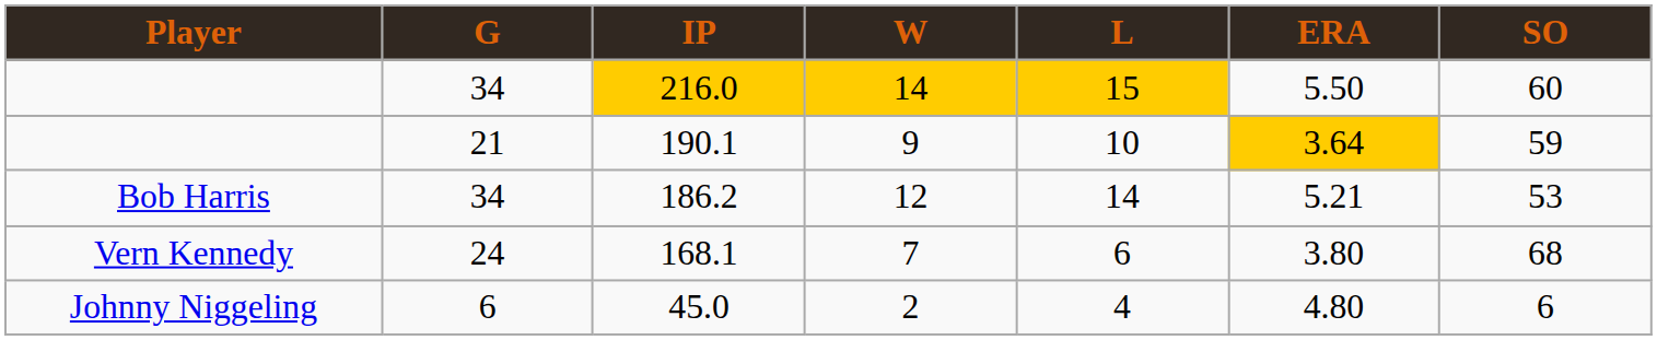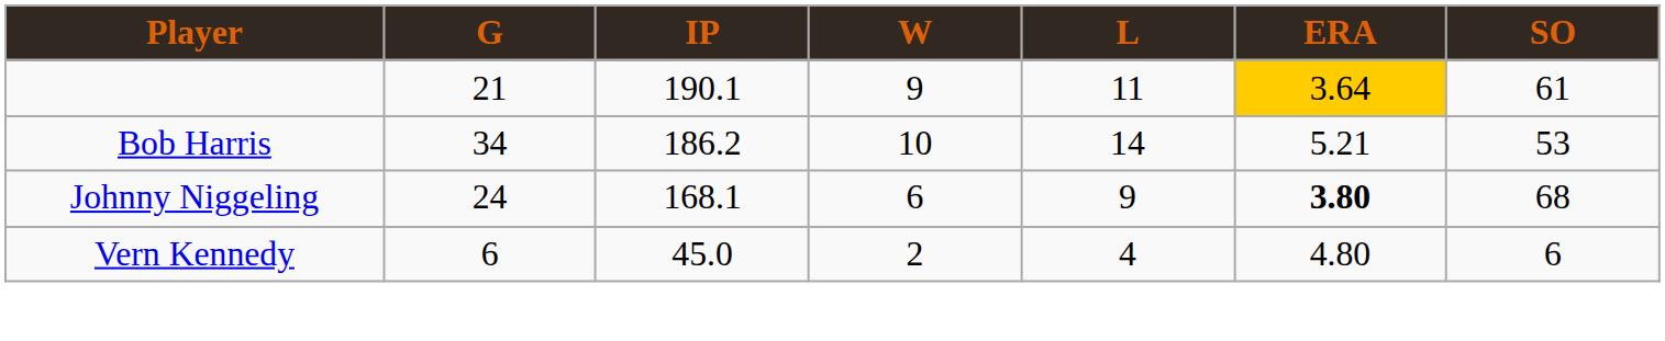 <table class="wikitable sortable">
 <tr>
 <th style="background:#312821;color:#de6108;" width="16%">Player</th>
 <th style="background:#312821;color:#de6108;" width="9%">G</th>
 <th style="background:#312821;color:#de6108;" width="9%">IP</th>
 <th style="background:#312821;color:#de6108;" width="9%">W</th>
 <th style="background:#312821;color:#de6108;" width="9%">L</th>
 <th style="background:#312821;color:#de6108;" width="9%">ERA</th>
 <th style="background:#312821;color:#de6108;" width="9%">SO</th>
 </tr>
 <tr align="center">
 <td></td>
-<td>34</td>
-<td style="background:#fc0;">216.0</td>
-<td style="background:#fc0;">14</td>
-<td style="background:#fc0;">15</td>
-<td>5.50</td>
-<td>60</td>
-</tr>
-<tr align="center">
-<td></td>
 <td>21</td>
 <td>190.1</td>
 <td>9</td>
-<td>10</td>
+<td>11</td>
 <td style="background:#fc0;">3.64</td>
-<td>59</td>
+<td>61</td>
 </tr>
 <tr align="center">
 <td><a href='#'>Bob Harris</a></td>
 <td>34</td>
 <td>186.2</td>
-<td>12</td>
+<td>10</td>
 <td>14</td>
 <td>5.21</td>
 <td>53</td>
 </tr>
 <tr align="center">
-<td><a href='#'>Vern Kennedy</a></td>
+<td><a href='#'>Johnny Niggeling</a></td>
 <td>24</td>
 <td>168.1</td>
-<td>7</td>
 <td>6</td>
-<td>3.80</td>
+<td>9</td>
+<td><strong>3.80</strong></td>
 <td>68</td>
 </tr>
 <tr align="center">
-<td><a href='#'>Johnny Niggeling</a></td>
+<td><a href='#'>Vern Kennedy</a></td>
 <td>6</td>
 <td>45.0</td>
 <td>2</td>
 <td>4</td>
 <td>4.80</td>
 <td>6</td>
 </tr>
 </table>
